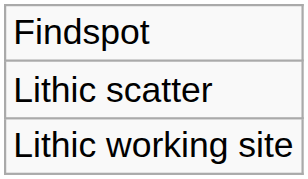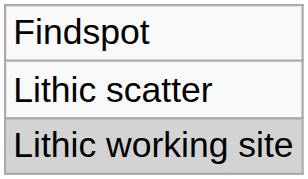 <table class="wikitable">
 <tr>
 <td>Findspot</td>
 </tr>
 <tr>
 <td>Lithic scatter</td>
 </tr>
 <tr>
-<td>Lithic working site</td>
+<td style="background: lightgrey;">Lithic working site</td>
 </tr>
 </table>
